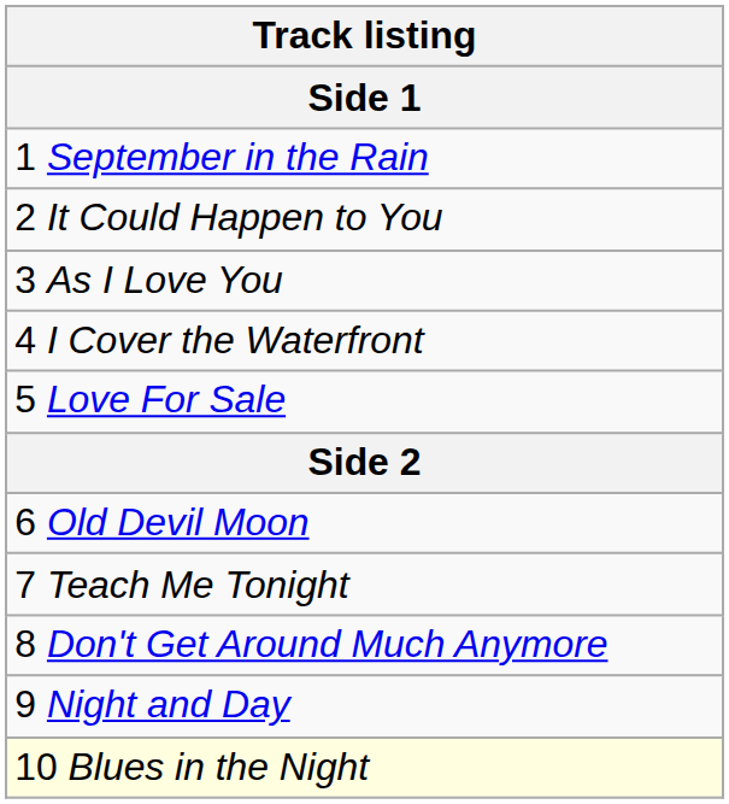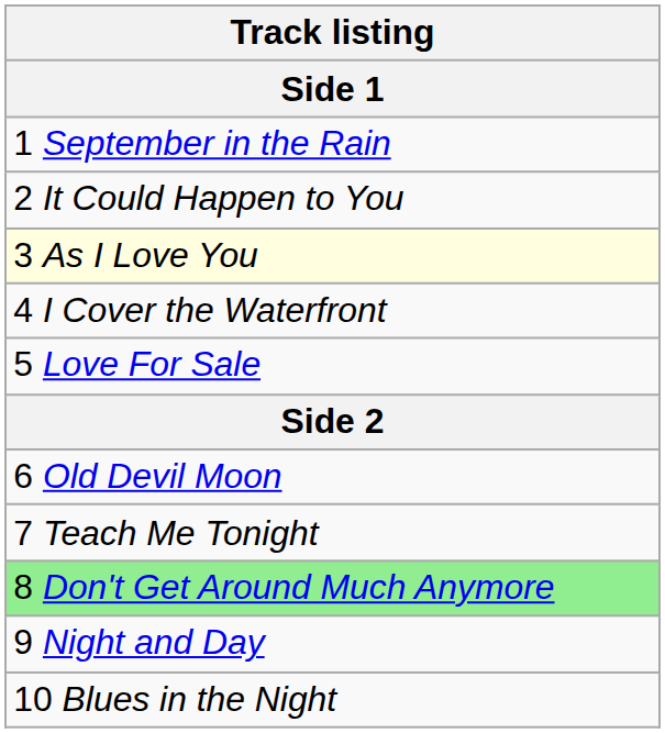 <table class="wikitable collapsible collapsed" style="width:300px;">
 <tr>
 <th>Track listing</th>
 </tr>
 <tr>
 <th>Side 1</th>
 </tr>
 <tr>
 <td>1 <em><a href='#'>September in the Rain</a></em></td>
 </tr>
 <tr>
 <td>2 <em>It Could Happen to You</em></td>
 </tr>
 <tr>
-<td>3 <em>As I Love You</em></td>
+<td style="background: lightyellow;">3 <em>As I Love You</em></td>
 </tr>
 <tr>
 <td>4 <em>I Cover the Waterfront</em></td>
 </tr>
 <tr>
 <td>5 <em><a href='#'>Love For Sale</a></em></td>
 </tr>
 <tr>
 <th>Side 2</th>
 </tr>
 <tr>
 <td>6 <em><a href='#'>Old Devil Moon</a></em></td>
 </tr>
 <tr>
 <td>7 <em>Teach Me Tonight</em></td>
 </tr>
 <tr>
-<td>8 <em><a href='#'>Don't Get Around Much Anymore</a></em></td>
+<td style="background: lightgreen;">8 <em><a href='#'>Don't Get Around Much Anymore</a></em></td>
 </tr>
 <tr>
 <td>9 <em><a href='#'>Night and Day</a></em></td>
 </tr>
 <tr>
-<td style="background: lightyellow;">10 <em>Blues in the Night</em></td>
+<td>10 <em>Blues in the Night</em></td>
 </tr>
 </table>
